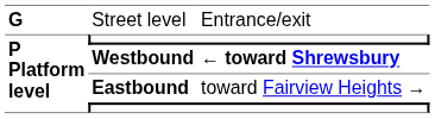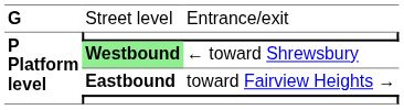 <table table border=0 cellspacing=0 cellpadding=3>
 <tr>
 <td style="border-top:solid 1px gray" width=50 valign=top><strong>G</strong></td>
 <td style="border-top:solid 1px gray" valign=top>Street level</td>
 <td style="border-top:solid 1px gray" valign=top>Entrance/exit</td>
 </tr>
 <tr>
 <td style="border-top:solid 1px gray;border-bottom:solid 1px gray" width=50 rowspan=5 valign=top><strong>P <br>Platform level</strong></td>
 <td style="border-top:solid 1px gray;border-right:solid 2px black;border-left:solid 2px black;border-bottom:solid 2px black;text-align:center" colspan=2></td>
 </tr>
 <tr>
-<td style="border-bottom:solid 1px gray"><strong>Westbound</strong></td>
-<td style="border-bottom:solid 1px gray"><strong>←  toward <a href='#'>Shrewsbury</a> </strong></td>
+<td style="background: lightgreen; border-bottom:solid 1px gray"><strong>Westbound</strong></td>
+<td style="border-bottom:solid 1px gray">←  toward <a href='#'>Shrewsbury</a> </td>
 </tr>
 <tr>
 <td><strong>Eastbound</strong></td>
 <td>  toward <a href='#'>Fairview Heights</a>  →</td>
 </tr>
 <tr>
 <td style="border-right:solid 2px black;border-left:solid 2px black;border-top:solid 2px black;border-bottom:solid 1px gray;text-align:center" colspan=2></td>
 </tr>
 </table>
